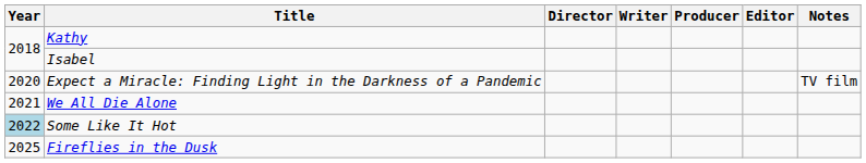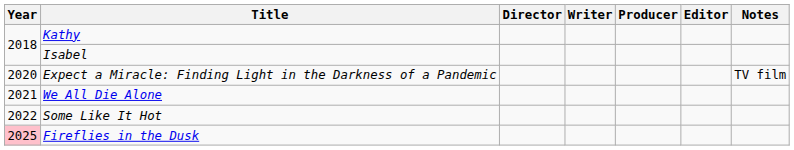 <table class="wikitable">
 <tr>
 <th>Year</th>
 <th>Title</th>
 <th>Director</th>
 <th>Writer</th>
 <th>Producer</th>
 <th>Editor</th>
 <th>Notes</th>
 </tr>
 <tr>
 <td rowspan="2">2018</td>
 <td><em><a href='#'>Kathy</a></em></td>
 <td></td>
 <td></td>
 <td></td>
 <td></td>
 <td></td>
 </tr>
 <tr>
 <td><em>Isabel</em></td>
 <td></td>
 <td></td>
 <td></td>
 <td></td>
 <td></td>
 </tr>
 <tr>
 <td>2020</td>
 <td><em>Expect a Miracle: Finding Light in the Darkness of a Pandemic</em></td>
 <td></td>
 <td></td>
 <td></td>
 <td></td>
 <td>TV film</td>
 </tr>
 <tr>
 <td>2021</td>
 <td><em><a href='#'>We All Die Alone</a></em></td>
 <td></td>
 <td></td>
 <td></td>
 <td></td>
 <td></td>
 </tr>
 <tr>
-<td style="background: lightblue;">2022</td>
+<td>2022</td>
 <td><em>Some Like It Hot</em></td>
 <td></td>
 <td></td>
 <td></td>
 <td></td>
 <td><em></em></td>
 </tr>
 <tr>
-<td>2025</td>
+<td style="background: pink;">2025</td>
 <td><em><a href='#'>Fireflies in the Dusk</a></em></td>
 <td></td>
 <td></td>
 <td></td>
 <td></td>
 <td></td>
 </tr>
 </table>
